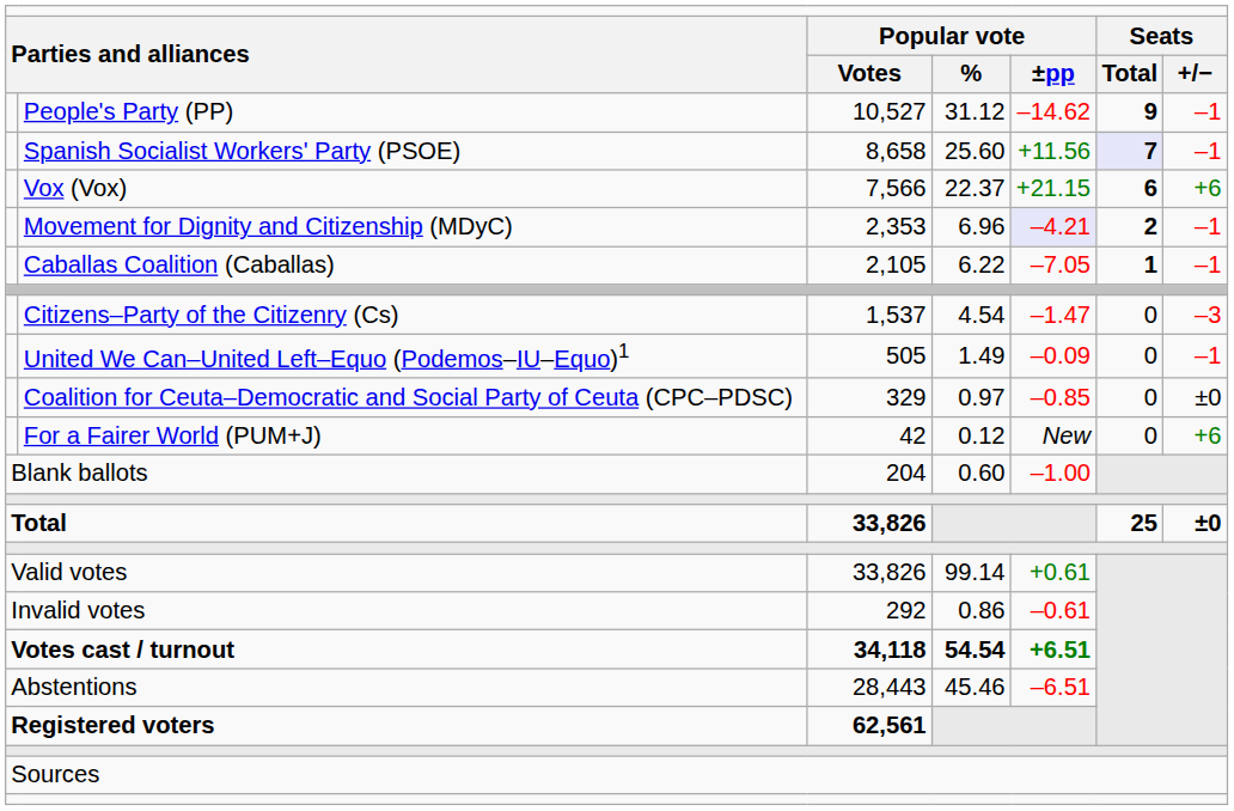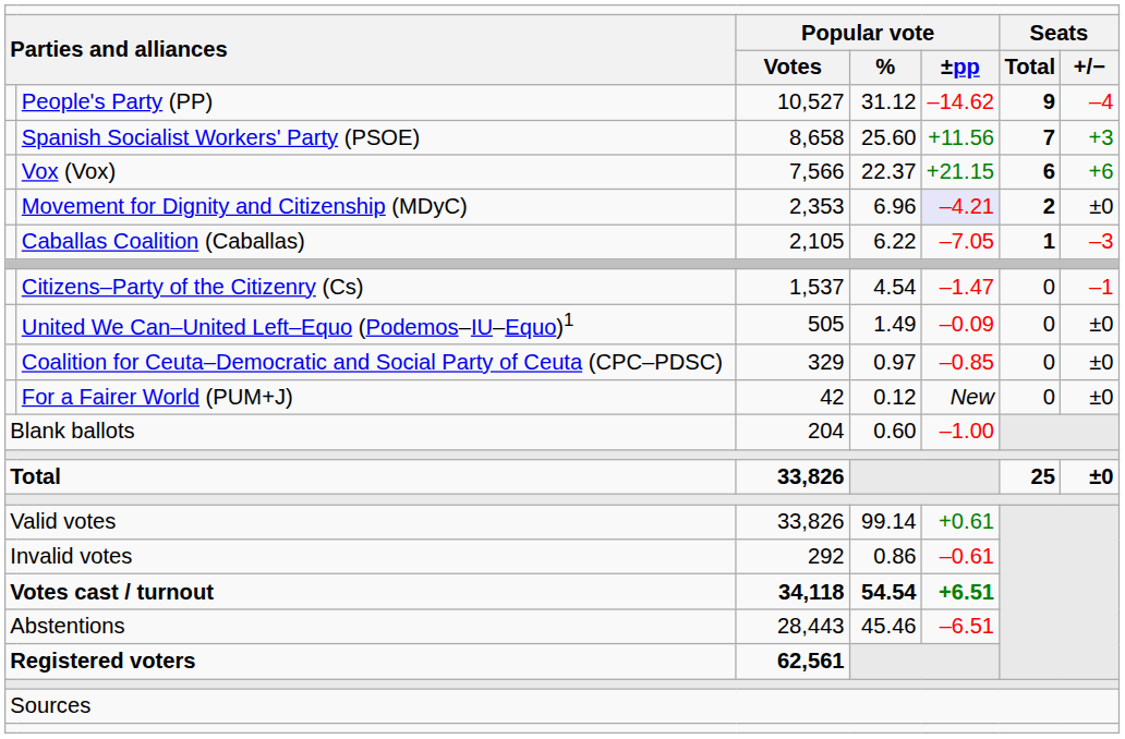 <table class="wikitable" style="text-align:right;">
 <tr>
 <td colspan="7"></td>
 </tr>
 <tr>
 <th style="text-align:left;" rowspan="2" colspan="2" width="525">Parties and alliances</th>
 <th colspan="3">Popular vote</th>
 <th colspan="2">Seats</th>
 </tr>
 <tr>
 <th width="75">Votes</th>
 <th width="45">%</th>
 <th width="45">±<a href='#'>pp</a></th>
 <th width="35">Total</th>
 <th width="35">+/−</th>
 </tr>
 <tr>
 <td width="1" style="color:inherit;background:"></td>
 <td align="left"><a href='#'>People's Party</a> (PP)</td>
 <td>10,527</td>
 <td>31.12</td>
 <td style="color:red;">–14.62</td>
 <td><strong>9</strong></td>
-<td style="color:red;">–1</td>
+<td style="color:red;">–4</td>
 </tr>
 <tr>
 <td style="color:inherit;background:"></td>
 <td align="left"><a href='#'>Spanish Socialist Workers' Party</a> (PSOE)</td>
 <td>8,658</td>
 <td>25.60</td>
 <td style="color:green;">+11.56</td>
-<td style="background: lavender;"><strong>7</strong></td>
-<td style="color:red;">–1</td>
+<td><strong>7</strong></td>
+<td style="color:green;">+3</td>
 </tr>
 <tr>
 <td style="color:inherit;background:"></td>
 <td align="left"><a href='#'>Vox</a> (Vox)</td>
 <td>7,566</td>
 <td>22.37</td>
 <td style="color:green;">+21.15</td>
 <td><strong>6</strong></td>
 <td style="color:green;">+6</td>
 </tr>
 <tr>
 <td style="color:inherit;background:"></td>
 <td align="left"><a href='#'>Movement for Dignity and Citizenship</a> (MDyC)</td>
 <td>2,353</td>
 <td>6.96</td>
 <td style="background: lavender; color:red;">–4.21</td>
 <td><strong>2</strong></td>
-<td style="color:red;">–1</td>
+<td>±0</td>
 </tr>
 <tr>
 <td style="color:inherit;background:"></td>
 <td align="left"><a href='#'>Caballas Coalition</a> (Caballas)</td>
 <td>2,105</td>
 <td>6.22</td>
 <td style="color:red;">–7.05</td>
 <td><strong>1</strong></td>
-<td style="color:red;">–1</td>
+<td style="color:red;">–3</td>
 </tr>
 <tr>
 <td colspan="7" bgcolor="#C0C0C0"></td>
 </tr>
 <tr>
 <td style="color:inherit;background:"></td>
 <td align="left"><a href='#'>Citizens–Party of the Citizenry</a> (Cs)</td>
 <td>1,537</td>
 <td>4.54</td>
 <td style="color:red;">–1.47</td>
 <td>0</td>
-<td style="color:red;">–3</td>
+<td style="color:red;">–1</td>
 </tr>
 <tr>
 <td style="color:inherit;background:"></td>
 <td align="left"><a href='#'>United We Can–United Left–Equo</a> (<a href='#'>Podemos</a>–<a href='#'>IU</a>–<a href='#'>Equo</a>)<sup>1</sup></td>
 <td>505</td>
 <td>1.49</td>
 <td style="color:red;">–0.09</td>
 <td>0</td>
-<td style="color:red;">–1</td>
+<td>±0</td>
 </tr>
 <tr>
 <td style="color:inherit;background:"></td>
 <td align="left"><a href='#'>Coalition for Ceuta–Democratic and Social Party of Ceuta</a> (CPC–PDSC)</td>
 <td>329</td>
 <td>0.97</td>
 <td style="color:red;">–0.85</td>
 <td>0</td>
 <td>±0</td>
 </tr>
 <tr>
 <td style="color:inherit;background:"></td>
 <td align="left"><a href='#'>For a Fairer World</a> (PUM+J)</td>
 <td>42</td>
 <td>0.12</td>
 <td><em>New</em></td>
 <td>0</td>
-<td style="color:green;">+6</td>
+<td>±0</td>
 </tr>
 <tr>
 <td align="left" colspan="2">Blank ballots</td>
 <td>204</td>
 <td>0.60</td>
 <td style="color:red;">–1.00</td>
 <td bgcolor="#E9E9E9" colspan="2"></td>
 </tr>
 <tr>
 <td colspan="7" bgcolor="#E9E9E9"></td>
 </tr>
 <tr style="font-weight:bold;">
 <td align="left" colspan="2">Total</td>
 <td>33,826</td>
 <td bgcolor="#E9E9E9" colspan="2"></td>
 <td>25</td>
 <td>±0</td>
 </tr>
 <tr>
 <td colspan="7" bgcolor="#E9E9E9"></td>
 </tr>
 <tr>
 <td align="left" colspan="2">Valid votes</td>
 <td>33,826</td>
 <td>99.14</td>
 <td style="color:green;">+0.61</td>
 <td bgcolor="#E9E9E9" colspan="2" rowspan="5"></td>
 </tr>
 <tr>
 <td align="left" colspan="2">Invalid votes</td>
 <td>292</td>
 <td>0.86</td>
 <td style="color:red;">–0.61</td>
 </tr>
 <tr style="font-weight:bold;">
 <td align="left" colspan="2">Votes cast / turnout</td>
 <td>34,118</td>
 <td>54.54</td>
 <td style="color:green;">+6.51</td>
 </tr>
 <tr>
 <td align="left" colspan="2">Abstentions</td>
 <td>28,443</td>
 <td>45.46</td>
 <td style="color:red;">–6.51</td>
 </tr>
 <tr style="font-weight:bold;">
 <td align="left" colspan="2">Registered voters</td>
 <td>62,561</td>
 <td bgcolor="#E9E9E9" colspan="2"></td>
 </tr>
 <tr>
 <td colspan="7" bgcolor="#E9E9E9"></td>
 </tr>
 <tr>
 <td align="left" colspan="7">Sources</td>
 </tr>
 <tr>
 <td colspan="7" style="text-align:left; font-size:95%; max-width:790px;"></td>
 </tr>
 </table>
